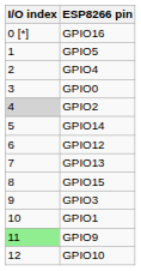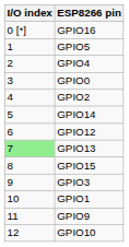 <table class="wikitable">
 <tr>
 <th>I/O index</th>
 <th>ESP8266 pin</th>
 </tr>
 <tr>
 <td>0 [*]</td>
 <td>GPIO16</td>
 </tr>
 <tr>
 <td>1</td>
 <td>GPIO5</td>
 </tr>
 <tr>
 <td>2</td>
 <td>GPIO4</td>
 </tr>
 <tr>
 <td>3</td>
 <td>GPIO0</td>
 </tr>
 <tr>
-<td style="background: lightgrey;">4</td>
+<td>4</td>
 <td>GPIO2</td>
 </tr>
 <tr>
 <td>5</td>
 <td>GPIO14</td>
 </tr>
 <tr>
 <td>6</td>
 <td>GPIO12</td>
 </tr>
 <tr>
-<td>7</td>
+<td style="background: lightgreen;">7</td>
 <td>GPIO13</td>
 </tr>
 <tr>
 <td>8</td>
 <td>GPIO15</td>
 </tr>
 <tr>
 <td>9</td>
 <td>GPIO3</td>
 </tr>
 <tr>
 <td>10</td>
 <td>GPIO1</td>
 </tr>
 <tr>
-<td style="background: lightgreen;">11</td>
+<td>11</td>
 <td>GPIO9</td>
 </tr>
 <tr>
 <td>12</td>
 <td>GPIO10</td>
 </tr>
 </table>
